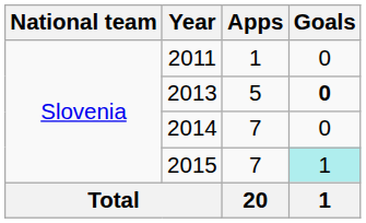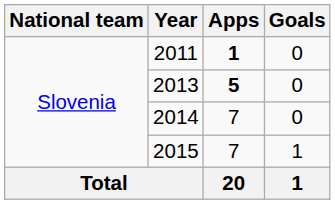 <table class="wikitable" style="text-align:center">
 <tr>
 <th>National team</th>
 <th>Year</th>
 <th>Apps</th>
 <th>Goals</th>
 </tr>
 <tr>
 <td rowspan="4"><a href='#'>Slovenia</a></td>
 <td>2011</td>
-<td>1</td>
+<td><strong>1</strong></td>
 <td>0</td>
 </tr>
 <tr>
 <td>2013</td>
-<td>5</td>
-<td><strong>0</strong></td>
+<td><strong>5</strong></td>
+<td>0</td>
 </tr>
 <tr>
 <td>2014</td>
 <td>7</td>
 <td>0</td>
 </tr>
 <tr>
 <td>2015</td>
 <td>7</td>
-<td style="background: paleturquoise;">1</td>
+<td>1</td>
 </tr>
 <tr>
 <th colspan="2">Total</th>
 <th>20</th>
 <th>1</th>
 </tr>
 </table>
